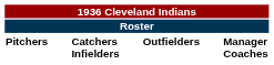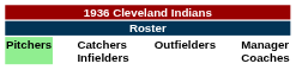 <table class="toccolours" style="font-size: 95%;">
 <tr>
 <th colspan="10" style="background-color: #990000; color: white; text-align: center;">1936 Cleveland Indians</th>
 </tr>
 <tr>
 <td colspan="10" style="background-color: #023456; color: white; text-align: center;"><strong>Roster</strong></td>
 </tr>
 <tr>
-<td valign="top"><strong>Pitchers</strong><br>             </td>
+<td valign="top" style="background: lightgreen;"><strong>Pitchers</strong><br>             </td>
 <td width="25px"></td>
 <td valign="top"><strong>Catchers</strong><br>    <strong>Infielders</strong>     </td>
 <td width="25px"></td>
 <td valign="top"><strong>Outfielders</strong><br>      </td>
 <td width="25px"></td>
 <td valign="top"><strong>Manager</strong><br> <strong>Coaches</strong>  </td>
 </tr>
 </table>
